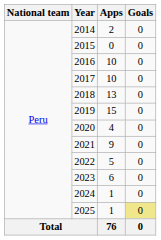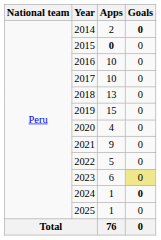 <table class="wikitable" style="text-align:center">
 <tr>
 <th>National team</th>
 <th>Year</th>
 <th>Apps</th>
 <th>Goals</th>
 </tr>
 <tr>
 <td rowspan="12"><a href='#'>Peru</a></td>
 <td>2014</td>
 <td>2</td>
-<td>0</td>
+<td><strong>0</strong></td>
 </tr>
 <tr>
 <td>2015</td>
-<td>0</td>
+<td><strong>0</strong></td>
 <td>0</td>
 </tr>
 <tr>
 <td>2016</td>
 <td>10</td>
 <td>0</td>
 </tr>
 <tr>
 <td>2017</td>
 <td>10</td>
 <td>0</td>
 </tr>
 <tr>
 <td>2018</td>
 <td>13</td>
 <td>0</td>
 </tr>
 <tr>
 <td>2019</td>
 <td>15</td>
 <td>0</td>
 </tr>
 <tr>
 <td>2020</td>
 <td>4</td>
 <td>0</td>
 </tr>
 <tr>
 <td>2021</td>
 <td>9</td>
 <td>0</td>
 </tr>
 <tr>
 <td>2022</td>
 <td>5</td>
 <td>0</td>
 </tr>
 <tr>
 <td>2023</td>
 <td>6</td>
-<td>0</td>
+<td style="background: khaki;">0</td>
 </tr>
 <tr>
 <td>2024</td>
 <td>1</td>
-<td>0</td>
+<td><strong>0</strong></td>
 </tr>
 <tr>
 <td>2025</td>
 <td>1</td>
-<td style="background: khaki;">0</td>
+<td>0</td>
 </tr>
 <tr>
 <th colspan="2">Total</th>
 <th>76</th>
 <th>0</th>
 </tr>
 </table>
